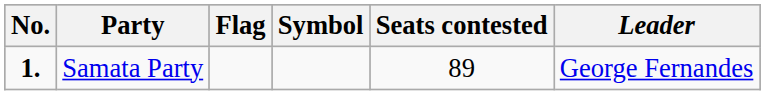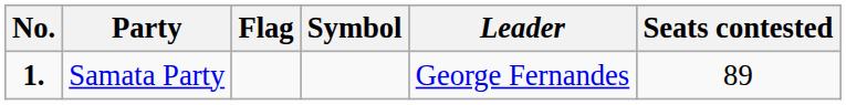 <table class="wikitable">
 <tr>
 <th>No.</th>
 <th>Party</th>
 <th><strong>Flag</strong></th>
 <th>Symbol</th>
+<th><em>Leader</em></th>
 <th>Seats contested</th>
-<th><em>Leader</em></th>
 </tr>
 <tr>
 <td ! style="text-align:center; background:"><strong>1.</strong></td>
 <td style="text-align:center"><a href='#'>Samata Party</a></td>
 <td></td>
 <td></td>
+<td style="text-align:center"><a href='#'>George Fernandes</a></td>
 <td style="text-align:center">89</td>
-<td style="text-align:center"><a href='#'>George Fernandes</a></td>
 </tr>
 </table>
